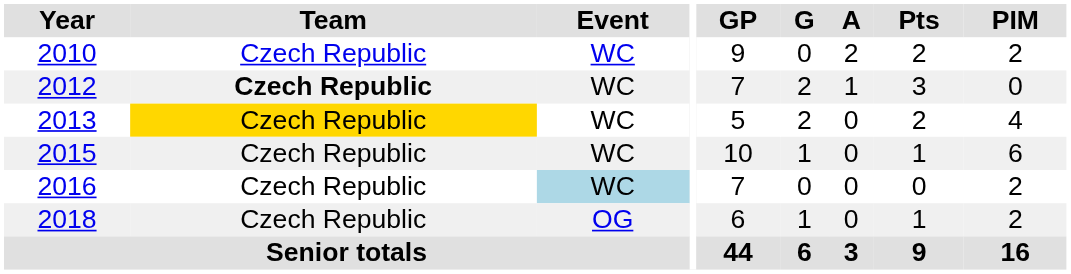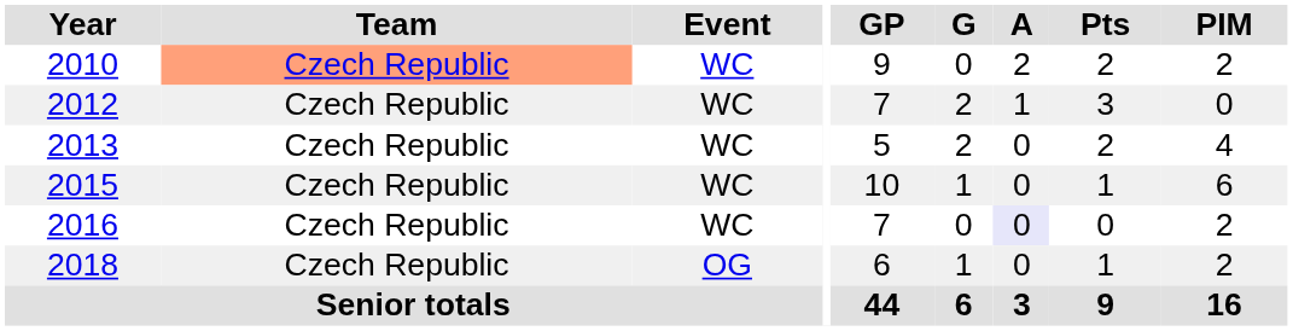 <table border="0" cellpadding="1" cellspacing="0" ID="Table3" style="text-align:center; width:40em">
 <tr ALIGN="center" bgcolor="#e0e0e0">
 <th>Year</th>
 <th>Team</th>
 <th>Event</th>
 <th rowspan="99" bgcolor="#ffffff"></th>
 <th>GP</th>
 <th>G</th>
 <th>A</th>
 <th>Pts</th>
 <th>PIM</th>
 </tr>
 <tr>
 <td><a href='#'>2010</a></td>
-<td><a href='#'>Czech Republic</a></td>
+<td style="background: lightsalmon;"><a href='#'>Czech Republic</a></td>
 <td><a href='#'>WC</a></td>
 <td>9</td>
 <td>0</td>
 <td>2</td>
 <td>2</td>
 <td>2</td>
 </tr>
 <tr bgcolor="#f0f0f0">
 <td><a href='#'>2012</a></td>
-<td><strong>Czech Republic</strong></td>
+<td>Czech Republic</td>
 <td>WC</td>
 <td>7</td>
 <td>2</td>
 <td>1</td>
 <td>3</td>
 <td>0</td>
 </tr>
 <tr>
 <td><a href='#'>2013</a></td>
-<td style="background: gold;">Czech Republic</td>
+<td>Czech Republic</td>
 <td>WC</td>
 <td>5</td>
 <td>2</td>
 <td>0</td>
 <td>2</td>
 <td>4</td>
 </tr>
 <tr bgcolor="#f0f0f0">
 <td><a href='#'>2015</a></td>
 <td>Czech Republic</td>
 <td>WC</td>
 <td>10</td>
 <td>1</td>
 <td>0</td>
 <td>1</td>
 <td>6</td>
 </tr>
 <tr>
 <td><a href='#'>2016</a></td>
 <td>Czech Republic</td>
-<td style="background: lightblue;">WC</td>
+<td>WC</td>
 <td>7</td>
 <td>0</td>
-<td>0</td>
+<td style="background: lavender;">0</td>
 <td>0</td>
 <td>2</td>
 </tr>
 <tr bgcolor="#f0f0f0">
 <td><a href='#'>2018</a></td>
 <td>Czech Republic</td>
 <td><a href='#'>OG</a></td>
 <td>6</td>
 <td>1</td>
 <td>0</td>
 <td>1</td>
 <td>2</td>
 </tr>
 <tr bgcolor="#e0e0e0">
 <th colspan="3">Senior totals</th>
 <th>44</th>
 <th>6</th>
 <th>3</th>
 <th>9</th>
 <th>16</th>
 </tr>
 </table>
